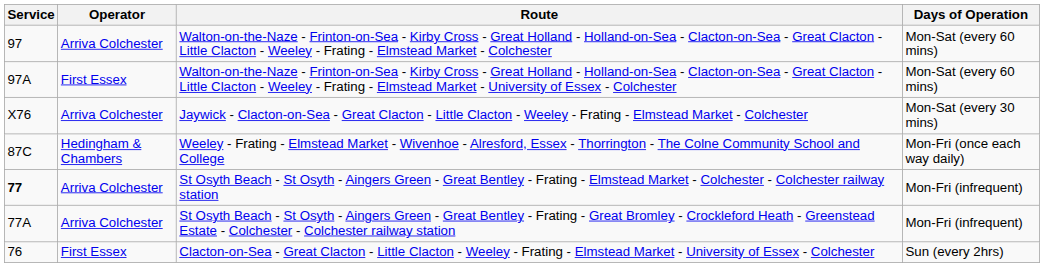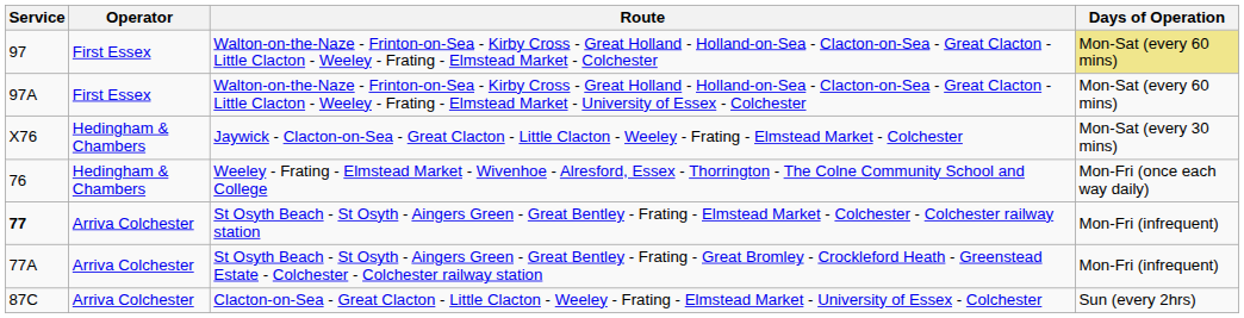 <table class="wikitable">
 <tr>
 <th>Service</th>
 <th>Operator</th>
 <th>Route</th>
 <th>Days of Operation</th>
 </tr>
 <tr>
 <td>97</td>
-<td><a href='#'>Arriva Colchester</a></td>
+<td><a href='#'>First Essex</a></td>
 <td><a href='#'>Walton-on-the-Naze</a> - <a href='#'>Frinton-on-Sea</a> - <a href='#'>Kirby Cross</a> - <a href='#'>Great Holland</a> - <a href='#'>Holland-on-Sea</a> - <a href='#'>Clacton-on-Sea</a> - <a href='#'>Great Clacton</a> - <a href='#'>Little Clacton</a> - <a href='#'>Weeley</a> - Frating - <a href='#'>Elmstead Market</a> - <a href='#'>Colchester</a></td>
-<td>Mon-Sat (every 60 mins)</td>
+<td style="background: khaki;">Mon-Sat (every 60 mins)</td>
 </tr>
 <tr>
 <td>97A</td>
 <td><a href='#'>First Essex</a></td>
 <td><a href='#'>Walton-on-the-Naze</a> - <a href='#'>Frinton-on-Sea</a> - <a href='#'>Kirby Cross</a> - <a href='#'>Great Holland</a> - <a href='#'>Holland-on-Sea</a> - <a href='#'>Clacton-on-Sea</a> - <a href='#'>Great Clacton</a> - <a href='#'>Little Clacton</a> - <a href='#'>Weeley</a> - Frating - <a href='#'>Elmstead Market</a> - <a href='#'>University of Essex</a> - <a href='#'>Colchester</a></td>
 <td>Mon-Sat (every 60 mins)</td>
 </tr>
 <tr>
 <td>X76</td>
-<td><a href='#'>Arriva Colchester</a></td>
+<td><a href='#'>Hedingham & Chambers</a></td>
 <td><a href='#'>Jaywick</a> - <a href='#'>Clacton-on-Sea</a> - <a href='#'>Great Clacton</a> - <a href='#'>Little Clacton</a> - <a href='#'>Weeley</a> - Frating - <a href='#'>Elmstead Market</a> - <a href='#'>Colchester</a></td>
 <td>Mon-Sat (every 30 mins)</td>
 </tr>
 <tr>
-<td>87C</td>
+<td>76</td>
 <td><a href='#'>Hedingham & Chambers</a></td>
 <td><a href='#'>Weeley</a> - Frating - <a href='#'>Elmstead Market</a> - <a href='#'>Wivenhoe</a> - <a href='#'>Alresford, Essex</a> - <a href='#'>Thorrington</a> - <a href='#'>The Colne Community School and College</a></td>
 <td>Mon-Fri (once each way daily)</td>
 </tr>
 <tr>
 <td><strong>77</strong></td>
 <td><a href='#'>Arriva Colchester</a></td>
 <td><a href='#'>St Osyth Beach</a> - <a href='#'>St Osyth</a> - <a href='#'>Aingers Green</a> - <a href='#'>Great Bentley</a> - Frating - <a href='#'>Elmstead Market</a> - <a href='#'>Colchester</a> - <a href='#'>Colchester railway station</a></td>
 <td>Mon-Fri (infrequent)</td>
 </tr>
 <tr>
 <td>77A</td>
 <td><a href='#'>Arriva Colchester</a></td>
 <td><a href='#'>St Osyth Beach</a> - <a href='#'>St Osyth</a> - <a href='#'>Aingers Green</a> - <a href='#'>Great Bentley</a> - Frating - <a href='#'>Great Bromley</a> - <a href='#'>Crockleford Heath</a> - <a href='#'>Greenstead Estate</a> - <a href='#'>Colchester</a> - <a href='#'>Colchester railway station</a></td>
 <td>Mon-Fri (infrequent)</td>
 </tr>
 <tr>
-<td>76</td>
-<td><a href='#'>First Essex</a></td>
+<td>87C</td>
+<td><a href='#'>Arriva Colchester</a></td>
 <td><a href='#'>Clacton-on-Sea</a> - <a href='#'>Great Clacton</a> - <a href='#'>Little Clacton</a> - <a href='#'>Weeley</a> - Frating - <a href='#'>Elmstead Market</a> - <a href='#'>University of Essex</a> - <a href='#'>Colchester</a></td>
 <td>Sun (every 2hrs)</td>
 </tr>
 </table>
